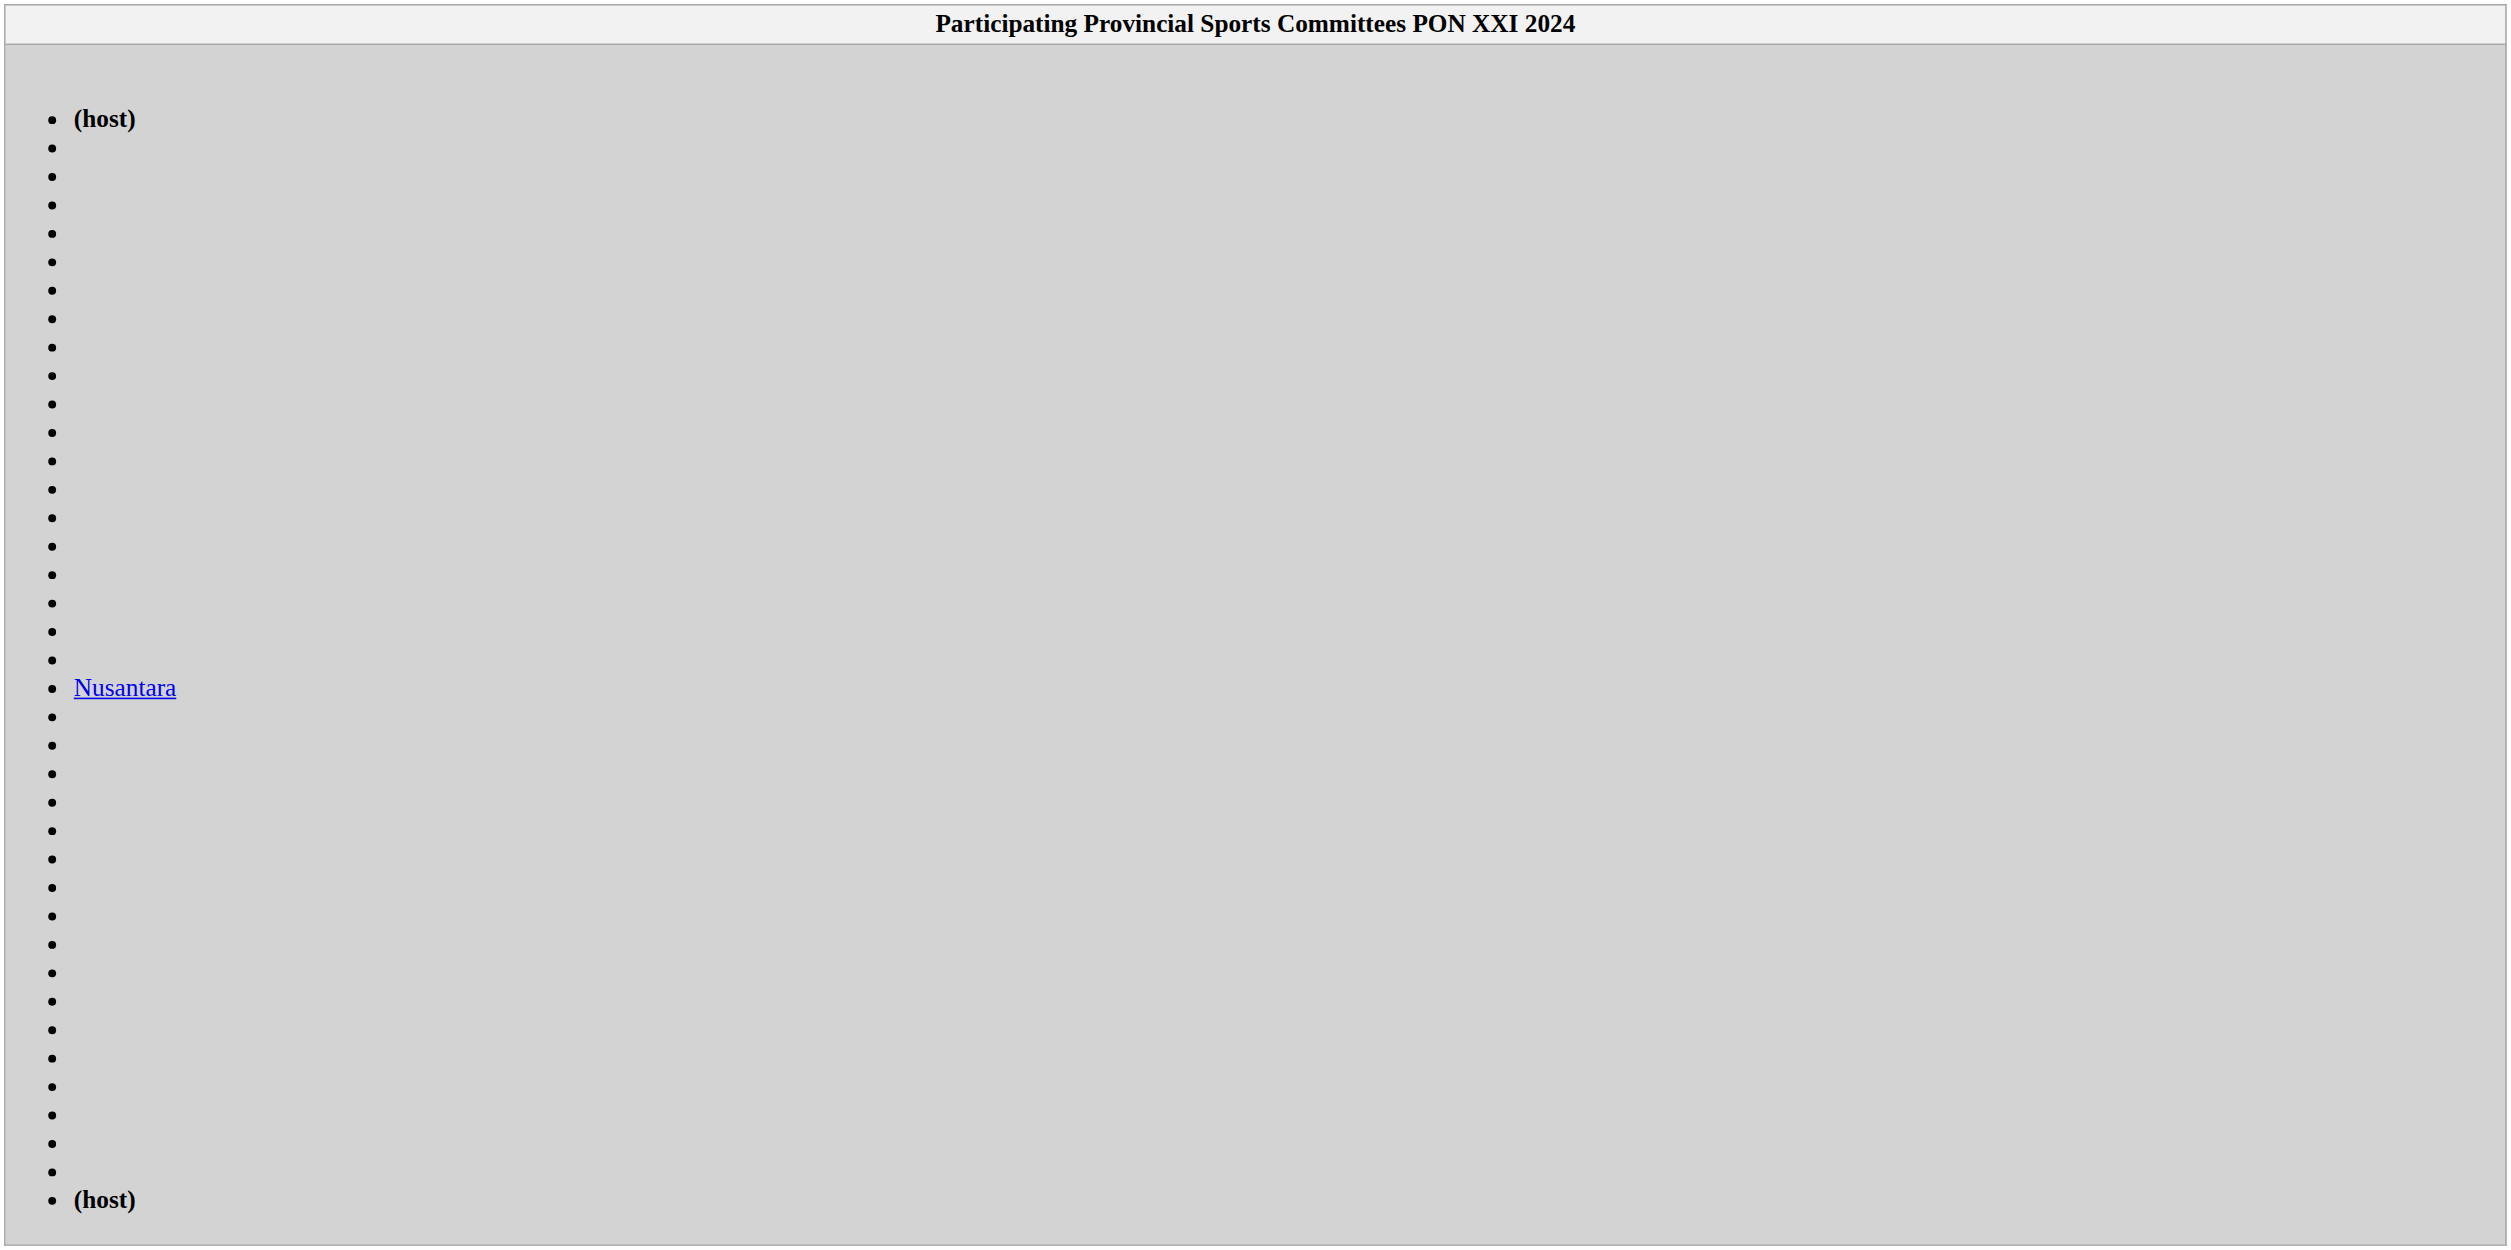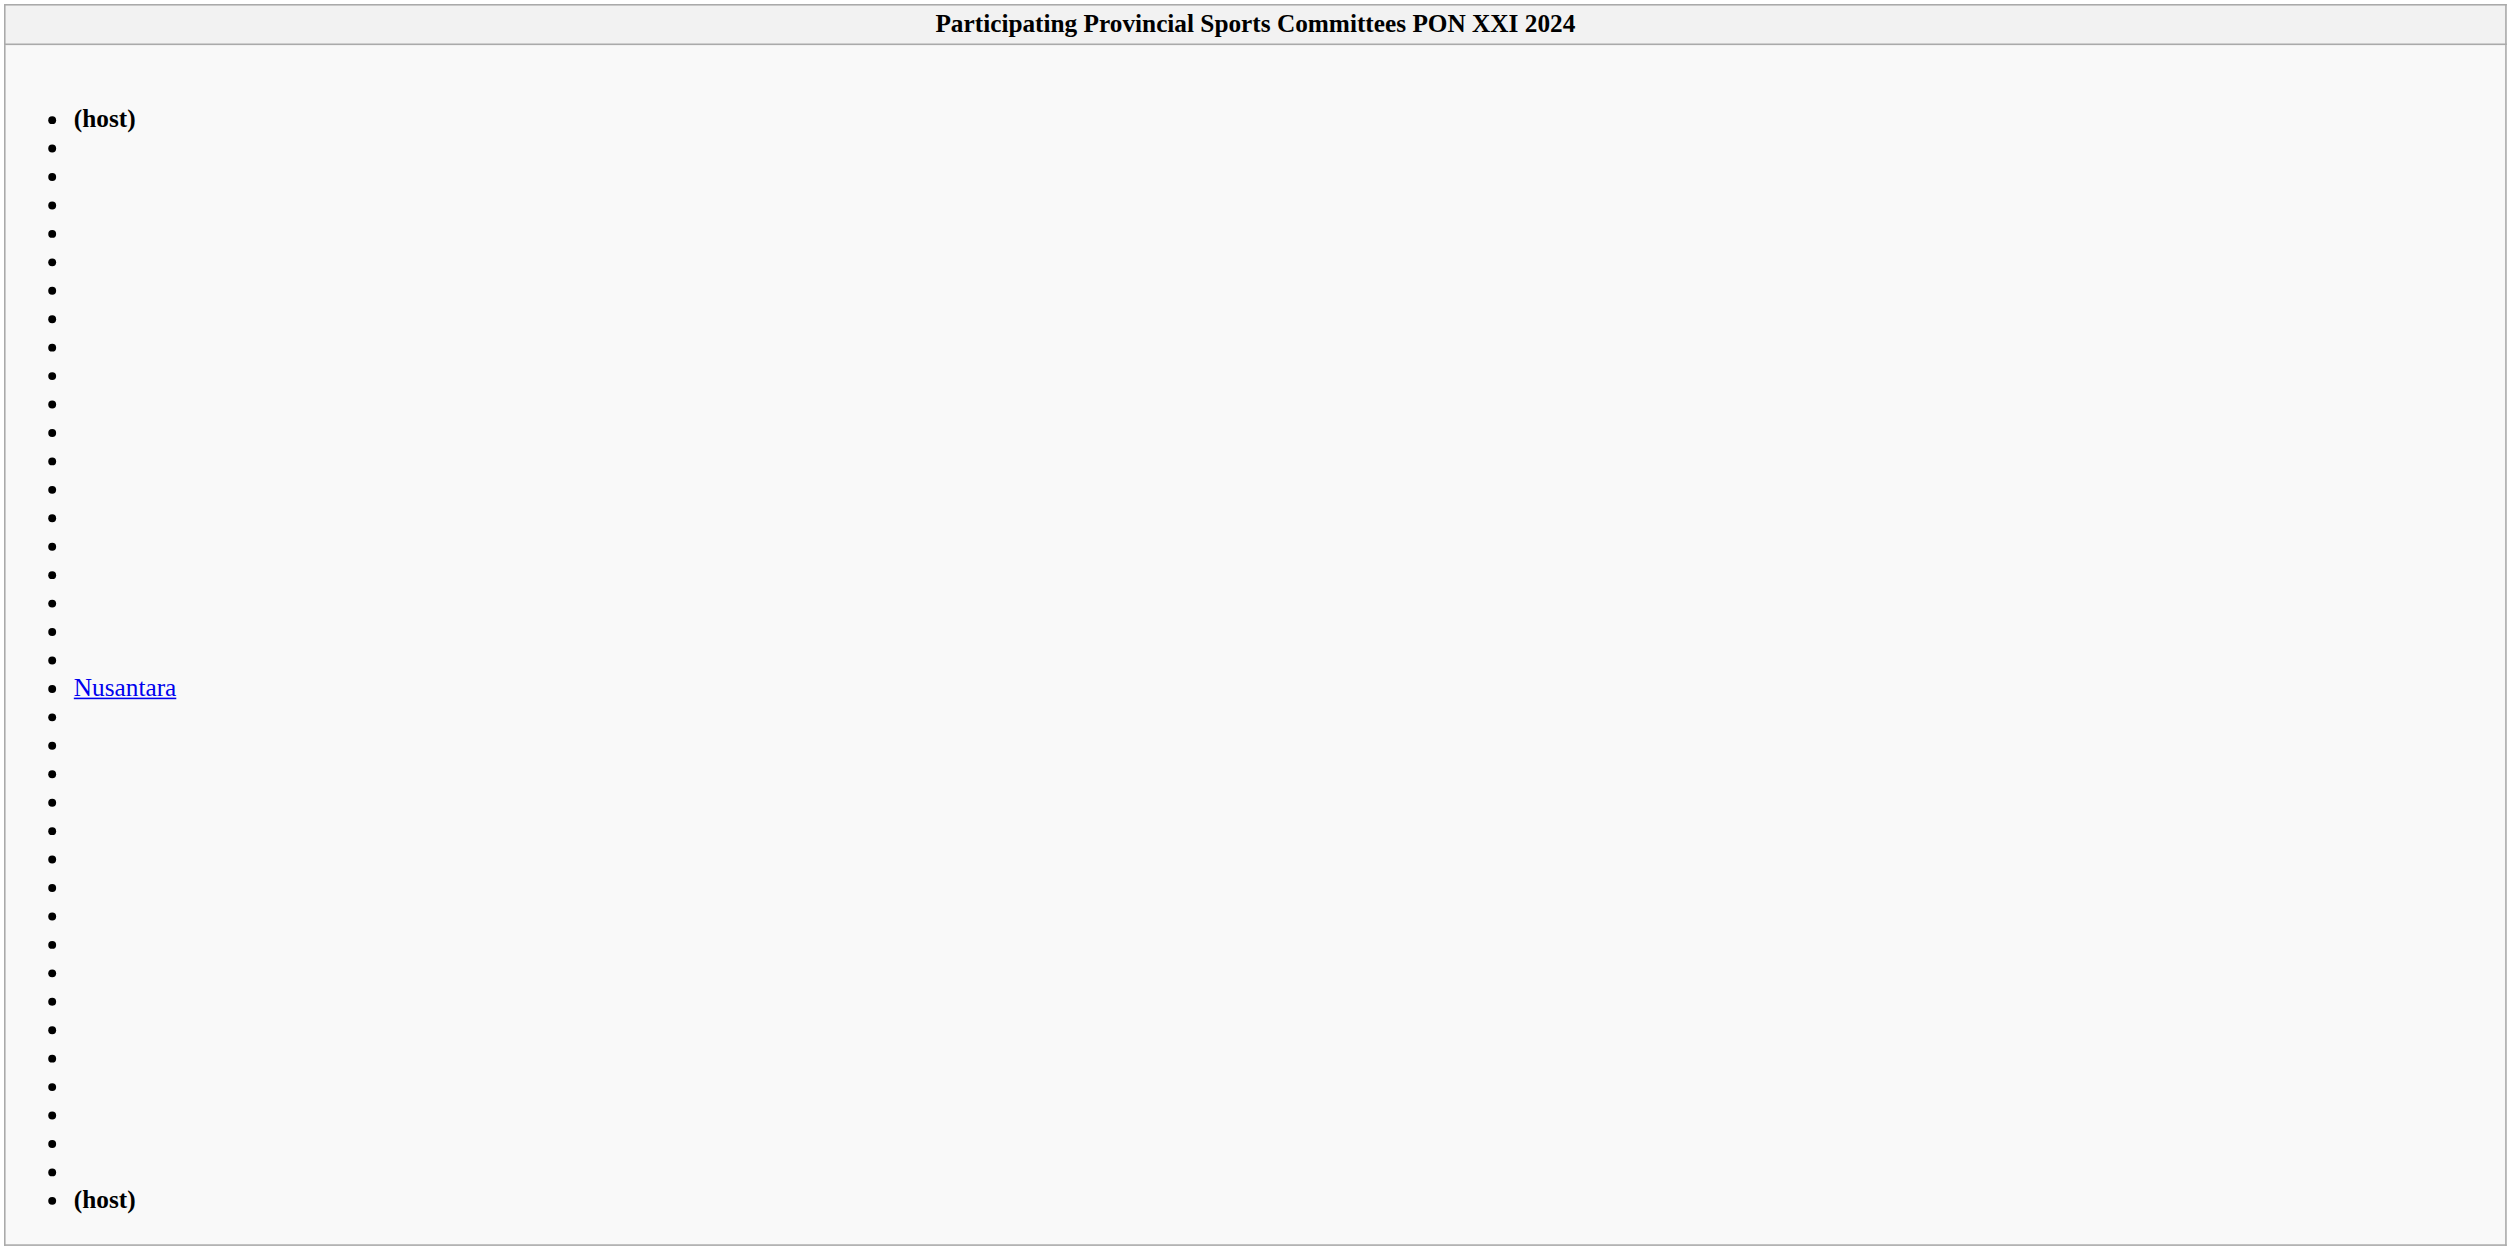 <table class="wikitable collapsible" style="width:100%;">
 <tr>
 <th>Participating Provincial Sports Committees PON XXI 2024</th>
 </tr>
 <tr>
-<td style="background: lightgrey;"><br><ul><li> <strong>(host)</strong></li><li></li><li></li><li></li><li></li><li></li><li></li><li></li><li></li><li></li><li></li><li></li><li></li><li></li><li></li><li></li><li></li><li></li><li></li><li></li><li><a href='#'>Nusantara</a></li><li></li><li></li><li></li><li></li><li></li><li></li><li></li><li></li><li></li><li></li><li></li><li></li><li></li><li></li><li></li><li></li><li></li><li><strong> (host)</strong></li></ul></td>
+<td><br><ul><li> <strong>(host)</strong></li><li></li><li></li><li></li><li></li><li></li><li></li><li></li><li></li><li></li><li></li><li></li><li></li><li></li><li></li><li></li><li></li><li></li><li></li><li></li><li><a href='#'>Nusantara</a></li><li></li><li></li><li></li><li></li><li></li><li></li><li></li><li></li><li></li><li></li><li></li><li></li><li></li><li></li><li></li><li></li><li></li><li><strong> (host)</strong></li></ul></td>
 </tr>
 </table>
